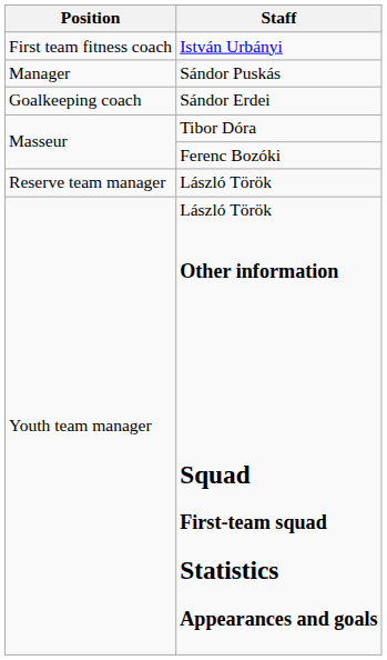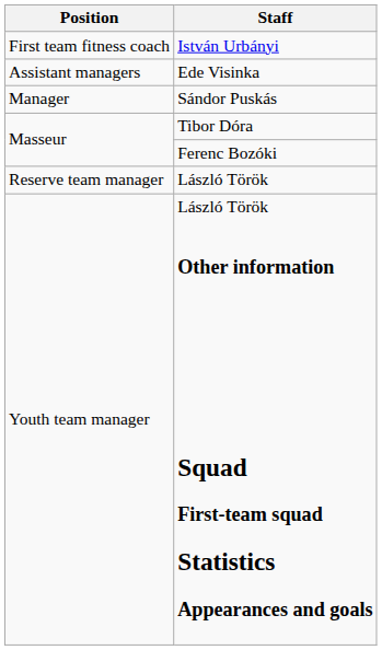 <table class="wikitable">
 <tr>
 <th>Position</th>
 <th>Staff</th>
 </tr>
 <tr>
 <td>First team fitness coach</td>
 <td> <a href='#'>István Urbányi</a></td>
 </tr>
 <tr>
+<td>Assistant managers</td>
+<td> Ede Visinka</td>
+</tr>
+<tr>
 <td>Manager</td>
 <td> Sándor Puskás</td>
-</tr>
-<tr>
-<td>Goalkeeping coach</td>
-<td> Sándor Erdei</td>
 </tr>
 <tr>
 <td rowspan="2">Masseur</td>
 <td> Tibor Dóra</td>
 </tr>
 <tr>
 <td> Ferenc Bozóki</td>
 </tr>
 <tr>
 <td>Reserve team manager</td>
 <td> László Török</td>
 </tr>
 <tr>
 <td>Youth team manager</td>
 <td> László Török<br><br><h3>Other information</h3><br><br><br><br><br><br><br><h2>Squad</h2><h3>First-team squad</h3>                            <h2>Statistics</h2><h3>Appearances and goals</h3>                                   </td>
 </tr>
 </table>
